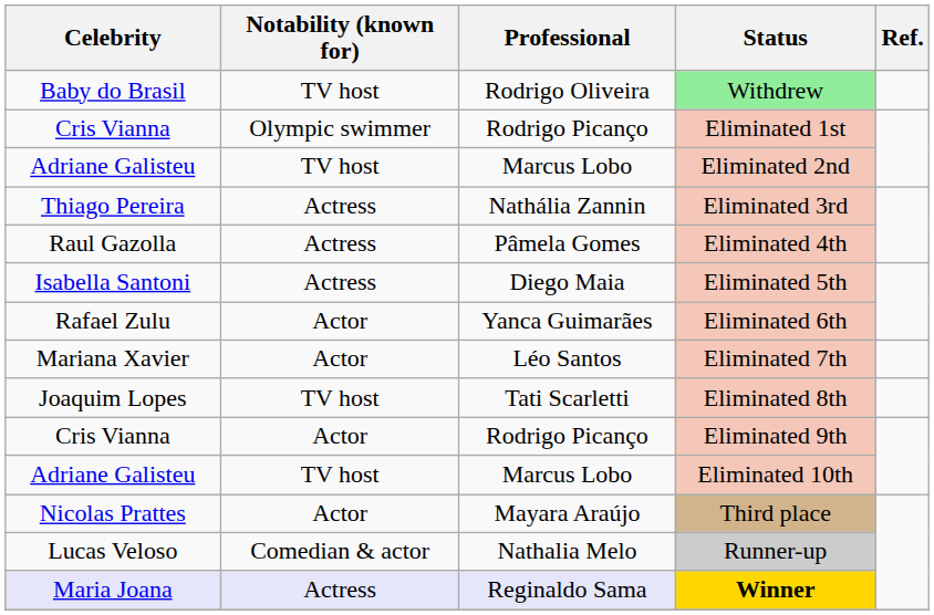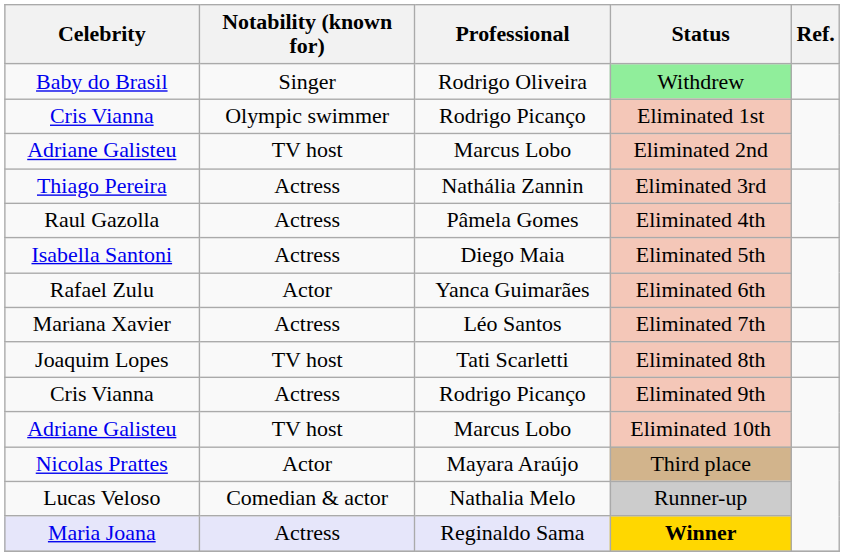 <table class= "wikitable sortable" style="text-align: center; margin:1em auto; align: center">
 <tr>
 <th width=135>Celebrity</th>
 <th width=150>Notability (known for)</th>
 <th width=135>Professional</th>
 <th width=125>Status</th>
 <th width=015>Ref.</th>
 </tr>
 <tr>
 <td><a href='#'>Baby do Brasil</a></td>
-<td>TV host</td>
+<td>Singer</td>
 <td>Rodrigo Oliveira</td>
 <td bgcolor=90EE9B>Withdrew <br> </td>
 <td><br></td>
 </tr>
 <tr>
 <td><a href='#'>Cris Vianna</a><br> </td>
 <td>Olympic swimmer</td>
 <td>Rodrigo Picanço <br> </td>
 <td bgcolor=F4C7B8>Eliminated 1st <br> </td>
 <td rowspan=2><br></td>
 </tr>
 <tr>
 <td><a href='#'>Adriane Galisteu</a> <br> </td>
 <td>TV host</td>
 <td>Marcus Lobo</td>
 <td bgcolor=F4C7B8>Eliminated 2nd <br> </td>
 </tr>
 <tr>
 <td><a href='#'>Thiago Pereira</a></td>
 <td>Actress</td>
 <td>Nathália Zannin</td>
 <td bgcolor=F4C7B8>Eliminated 3rd <br> </td>
 <td rowspan=2><br></td>
 </tr>
 <tr>
 <td>Raul Gazolla</td>
 <td>Actress</td>
 <td>Pâmela Gomes</td>
 <td bgcolor=F4C7B8>Eliminated 4th <br> </td>
 </tr>
 <tr>
 <td><a href='#'>Isabella Santoni</a></td>
 <td>Actress</td>
 <td>Diego Maia</td>
 <td bgcolor=F4C7B8>Eliminated 5th <br> </td>
 <td rowspan=2><br></td>
 </tr>
 <tr>
 <td>Rafael Zulu</td>
 <td>Actor</td>
 <td>Yanca Guimarães</td>
 <td bgcolor=F4C7B8>Eliminated 6th <br> </td>
 </tr>
 <tr>
 <td>Mariana Xavier</td>
-<td>Actor</td>
+<td>Actress</td>
 <td>Léo Santos</td>
 <td bgcolor=F4C7B8>Eliminated 7th <br> </td>
 <td></td>
 </tr>
 <tr>
 <td>Joaquim Lopes</td>
 <td>TV host</td>
 <td>Tati Scarletti</td>
 <td bgcolor=F4C7B8>Eliminated 8th <br> </td>
 <td></td>
 </tr>
 <tr>
 <td>Cris Vianna</td>
-<td>Actor</td>
+<td>Actress</td>
 <td>Rodrigo Picanço</td>
 <td bgcolor=F4C7B8>Eliminated 9th <br> </td>
 <td rowspan=2></td>
 </tr>
 <tr>
 <td><a href='#'>Adriane Galisteu</a></td>
 <td>TV host</td>
 <td>Marcus Lobo</td>
 <td bgcolor=F4C7B8>Eliminated 10th <br> </td>
 </tr>
 <tr>
 <td><a href='#'>Nicolas Prattes</a></td>
 <td>Actor</td>
 <td>Mayara Araújo</td>
 <td bgcolor=D2B48C>Third place <br> </td>
 <td rowspan=3></td>
 </tr>
 <tr>
 <td>Lucas Veloso</td>
 <td>Comedian & actor</td>
 <td>Nathalia Melo</td>
 <td bgcolor=CCCCCC>Runner-up <br> </td>
 </tr>
 <tr>
 <td bgcolor=E6E6FA><a href='#'>Maria Joana</a></td>
 <td bgcolor=E6E6FA>Actress</td>
 <td bgcolor=E6E6FA>Reginaldo Sama</td>
 <td bgcolor=FFD700><strong>Winner</strong> <br> </td>
 </tr>
 <tr>
 </tr>
 </table>
